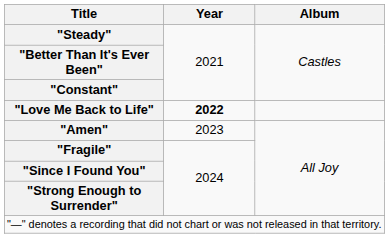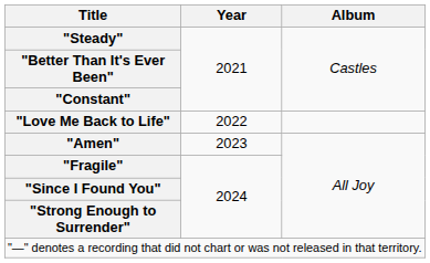 <table class="wikitable plainrowheaders" style="text-align:center;">
 <tr>
 <th scope="col" style="width:12em;">Title</th>
 <th>Year</th>
 <th>Album</th>
 </tr>
 <tr>
 <th scope="row">"Steady"</th>
 <td rowspan="3">2021</td>
 <td rowspan="3"><em>Castles</em></td>
 </tr>
 <tr>
 <th scope="row">"Better Than It's Ever Been"</th>
 </tr>
 <tr>
 <th scope="row">"Constant"</th>
 </tr>
 <tr>
 <th scope="row">"Love Me Back to Life"</th>
-<td><strong>2022</strong></td>
+<td>2022</td>
 <td></td>
 </tr>
 <tr>
 <th scope="row">"Amen"</th>
 <td>2023</td>
 <td rowspan="4"><em>All Joy</em></td>
 </tr>
 <tr>
 <th scope="row">"Fragile"</th>
 <td rowspan="3">2024</td>
 </tr>
 <tr>
 <th scope="row">"Since I Found You"</th>
 </tr>
 <tr>
 <th scope="row">"Strong Enough to Surrender"</th>
 </tr>
 <tr>
 <td colspan="7" style="font-size:85%">"—" denotes a recording that did not chart or was not released in that territory.</td>
 </tr>
 </table>
